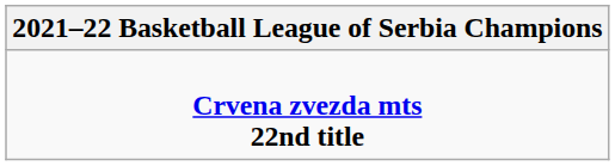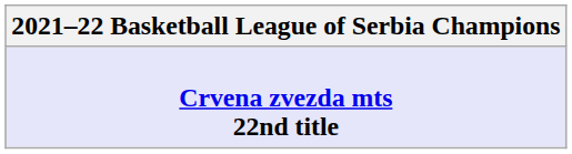 <table class=wikitable style="text-align:center; margin:auto">
 <tr>
 <th>2021–22 Basketball League of Serbia Champions</th>
 </tr>
 <tr>
-<td><br><strong><a href='#'>Crvena zvezda mts</a></strong><br><strong>22nd title</strong></td>
+<td style="background: lavender;"><br><strong><a href='#'>Crvena zvezda mts</a></strong><br><strong>22nd title</strong></td>
 </tr>
 </table>
